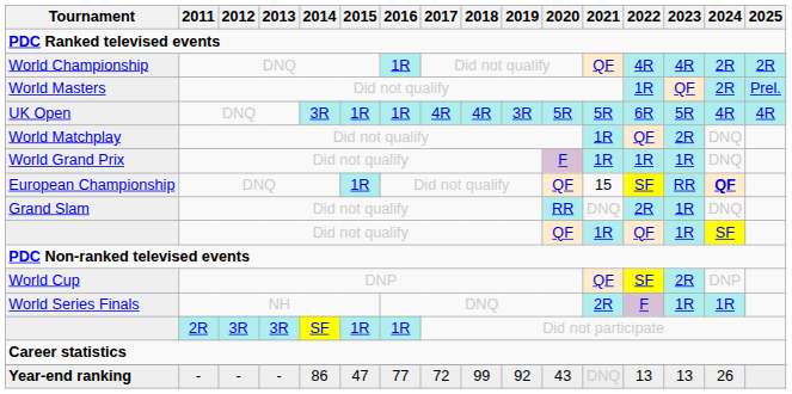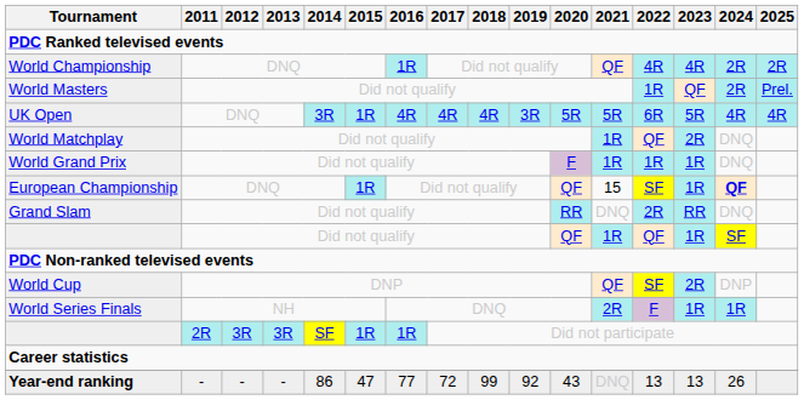 <table class="wikitable" style="margin:0">
 <tr>
 <th>Tournament</th>
 <th>2011</th>
 <th>2012</th>
 <th>2013</th>
 <th>2014</th>
 <th>2015</th>
 <th>2016</th>
 <th>2017</th>
 <th>2018</th>
 <th>2019</th>
 <th>2020</th>
 <th>2021</th>
 <th>2022</th>
 <th>2023</th>
 <th>2024</th>
 <th>2025</th>
 </tr>
 <tr>
 <td colspan="16" style="text-align:left"><strong><a href='#'>PDC</a> Ranked televised events</strong></td>
 </tr>
 <tr>
 <td style="background:#efefef;"><a href='#'>World Championship</a></td>
 <td colspan="5" style="text-align:center; color:#ccc;">DNQ</td>
 <td style="text-align:center; background:#afeeee;"><a href='#'>1R</a></td>
 <td colspan="4" style="text-align:center; color:#ccc;">Did not qualify</td>
 <td style="text-align:center; background:#ffebcd;"><a href='#'>QF</a></td>
 <td style="text-align:center; background:#afeeee;"><a href='#'>4R</a></td>
 <td style="text-align:center; background:#afeeee;"><a href='#'>4R</a></td>
 <td style="text-align:center; background:#afeeee;"><a href='#'>2R</a></td>
 <td style="text-align:center; background:#afeeee;"><a href='#'>2R</a></td>
 </tr>
 <tr>
 <td style="background:#efefef;"><a href='#'>World Masters</a></td>
 <td colspan="11" style="text-align:center; color:#ccc;">Did not qualify</td>
 <td style="text-align:center; background:#afeeee;"><a href='#'>1R</a></td>
 <td style="text-align:center; background:#ffebcd;"><a href='#'>QF</a></td>
 <td style="text-align:center; background:#afeeee;"><a href='#'>2R</a></td>
 <td style="text-align:center; background:#afeeee;"><a href='#'>Prel.</a></td>
 </tr>
 <tr>
 <td style="background:#efefef;"><a href='#'>UK Open</a></td>
 <td colspan="3" style="text-align:center; color:#ccc;">DNQ</td>
 <td style="text-align:center; background:#afeeee;"><a href='#'>3R</a></td>
 <td style="text-align:center; background:#afeeee;"><a href='#'>1R</a></td>
-<td style="text-align:center; background:#afeeee;"><a href='#'>1R</a></td>
+<td style="text-align:center; background:#afeeee;"><a href='#'>4R</a></td>
 <td style="text-align:center; background:#afeeee;"><a href='#'>4R</a></td>
 <td style="text-align:center; background:#afeeee;"><a href='#'>4R</a></td>
 <td style="text-align:center; background:#afeeee;"><a href='#'>3R</a></td>
 <td style="text-align:center; background:#afeeee;"><a href='#'>5R</a></td>
 <td style="text-align:center; background:#afeeee;"><a href='#'>5R</a></td>
 <td style="text-align:center; background:#afeeee;"><a href='#'>6R</a></td>
 <td style="text-align:center; background:#afeeee;"><a href='#'>5R</a></td>
 <td style="text-align:center; background:#afeeee;"><a href='#'>4R</a></td>
 <td style="text-align:center; background:#afeeee;"><a href='#'>4R</a></td>
 </tr>
 <tr>
 <td style="background:#efefef;"><a href='#'>World Matchplay</a></td>
 <td colspan="10" style="text-align:center; color:#ccc;">Did not qualify</td>
 <td style="text-align:center; background:#afeeee;"><a href='#'>1R</a></td>
 <td style="text-align:center; background:#ffebcd;"><a href='#'>QF</a></td>
 <td style="text-align:center; background:#afeeee;"><a href='#'>2R</a></td>
 <td style="text-align:center; color:#ccc;">DNQ</td>
 <td></td>
 </tr>
 <tr>
 <td style="background:#efefef;"><a href='#'>World Grand Prix</a></td>
 <td colspan="9" style="text-align:center; color:#ccc;">Did not qualify</td>
 <td style="text-align:center; background:#D8BFD8;"><a href='#'>F</a></td>
 <td style="text-align:center; background:#afeeee;"><a href='#'>1R</a></td>
 <td style="text-align:center; background:#afeeee;"><a href='#'>1R</a></td>
 <td style="text-align:center; background:#afeeee;"><a href='#'>1R</a></td>
 <td style="text-align:center; color:#ccc;">DNQ</td>
 <td></td>
 </tr>
 <tr>
 <td style="background:#efefef;"><a href='#'>European Championship</a></td>
 <td colspan="4" style="text-align:center; color:#ccc;">DNQ</td>
 <td style="text-align:center; background:#afeeee;"><a href='#'>1R</a></td>
 <td colspan="4" style="text-align:center; color:#ccc;">Did not qualify</td>
 <td style="text-align:center; background:#ffebcd;"><a href='#'>QF</a></td>
 <td style="text-align:center;">15</td>
 <td style="text-align:center; background:yellow;"><a href='#'>SF</a></td>
-<td style="text-align:center; background:#afeeee;"><a href='#'>RR</a></td>
+<td style="text-align:center; background:#afeeee;"><a href='#'>1R</a></td>
 <td style="text-align:center; background:#ffebcd;"><strong><a href='#'>QF</a></strong></td>
 <td></td>
 </tr>
 <tr>
 <td style="background:#efefef;"><a href='#'>Grand Slam</a></td>
 <td colspan="9" style="text-align:center; color:#ccc;">Did not qualify</td>
 <td style="text-align:center; background:#afeeee;"><a href='#'>RR</a></td>
 <td style="text-align:center; color:#ccc;">DNQ</td>
 <td style="text-align:center; background:#afeeee;"><a href='#'>2R</a></td>
-<td style="text-align:center; background:#afeeee;"><a href='#'>1R</a></td>
+<td style="text-align:center; background:#afeeee;"><a href='#'>RR</a></td>
 <td style="text-align:center; color:#ccc;">DNQ</td>
 <td></td>
 </tr>
 <tr>
 <td style="background:#efefef;"></td>
 <td colspan="9" style="text-align:center; color:#ccc;">Did not qualify</td>
 <td style="text-align:center; background:#ffebcd;"><a href='#'>QF</a></td>
 <td style="text-align:center; background:#afeeee;"><a href='#'>1R</a></td>
 <td style="text-align:center; background:#ffebcd;"><a href='#'>QF</a></td>
 <td style="text-align:center; background:#afeeee;"><a href='#'>1R</a></td>
 <td style="text-align:center; background:yellow;"><a href='#'>SF</a></td>
 <td></td>
 </tr>
 <tr>
 <td colspan="16" align="left"><strong><a href='#'>PDC</a> Non-ranked televised events</strong></td>
 </tr>
 <tr>
 <td style="background:#efefef;" align=left><a href='#'>World Cup</a></td>
 <td colspan="10" style="text-align:center; color:#ccc;">DNP</td>
 <td style="text-align:center; background:#ffebcd;"><a href='#'>QF</a></td>
 <td style="text-align:center; background:yellow;"><a href='#'>SF</a></td>
 <td style="text-align:center; background:#afeeee;"><a href='#'>2R</a></td>
 <td style="text-align:center; color:#ccc;">DNP</td>
 <td></td>
 </tr>
 <tr>
 <td style="background:#efefef;" align=left><a href='#'>World Series Finals</a></td>
 <td colspan="5" style="text-align:center; color:#ccc;">NH</td>
 <td colspan="5" style="text-align:center; color:#ccc;">DNQ</td>
 <td style="text-align:center; background:#afeeee;"><a href='#'>2R</a></td>
 <td style="text-align:center; background:thistle;"><a href='#'>F</a></td>
 <td style="text-align:center; background:#afeeee;"><a href='#'>1R</a></td>
 <td style="text-align:center; background:#afeeee;"><a href='#'>1R</a></td>
 <td></td>
 </tr>
 <tr>
 <td style="background:#efefef;"></td>
 <td style="text-align:center; background:#afeeee;"><a href='#'>2R</a></td>
 <td style="text-align:center; background:#afeeee;"><a href='#'>3R</a></td>
 <td style="text-align:center; background:#afeeee;"><a href='#'>3R</a></td>
 <td style="text-align:center; background:yellow;"><a href='#'>SF</a></td>
 <td style="text-align:center; background:#afeeee;"><a href='#'>1R</a></td>
 <td style="text-align:center; background:#afeeee;"><a href='#'>1R</a></td>
 <td colspan="9" style="text-align:center; color:#ccc;">Did not participate</td>
 </tr>
 <tr>
 <td colspan="16" align="left"><strong>Career statistics</strong></td>
 </tr>
 <tr>
 </tr>
 <tr bgcolor="efefef">
 <td align="left"><strong>Year-end ranking</strong></td>
 <td style="text-align:center;">-</td>
 <td style="text-align:center;">-</td>
 <td style="text-align:center;">-</td>
 <td style="text-align:center;">86</td>
 <td style="text-align:center;">47</td>
 <td style="text-align:center;">77</td>
 <td style="text-align:center;">72</td>
 <td style="text-align:center;">99</td>
 <td style="text-align:center;">92</td>
 <td style="text-align:center;">43</td>
 <td style="text-align:center; color:#ccc;">DNQ</td>
 <td style="text-align:center;">13</td>
 <td style="text-align:center;">13</td>
 <td style="text-align:center;">26</td>
 <td></td>
 </tr>
 </table>
